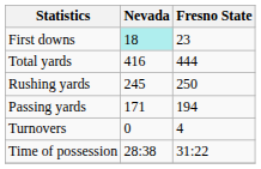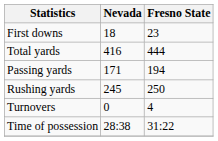 <table class="wikitable">
 <tr>
 <th>Statistics</th>
 <th>Nevada</th>
 <th>Fresno State</th>
 </tr>
 <tr>
 <td>First downs</td>
-<td style="background: paleturquoise;">18</td>
+<td>18</td>
 <td>23</td>
 </tr>
 <tr>
 <td>Total yards</td>
 <td>416</td>
 <td>444</td>
 </tr>
 <tr>
+<td>Passing yards</td>
+<td>171</td>
+<td>194</td>
+</tr>
+<tr>
 <td>Rushing yards</td>
 <td>245</td>
 <td>250</td>
-</tr>
-<tr>
-<td>Passing yards</td>
-<td>171</td>
-<td>194</td>
 </tr>
 <tr>
 <td>Turnovers</td>
 <td>0</td>
 <td>4</td>
 </tr>
 <tr>
 <td>Time of possession</td>
 <td>28:38</td>
 <td>31:22</td>
 </tr>
 <tr>
 </tr>
 </table>
